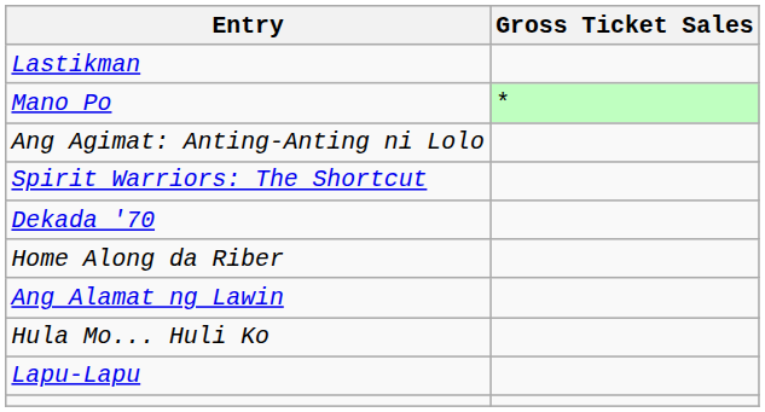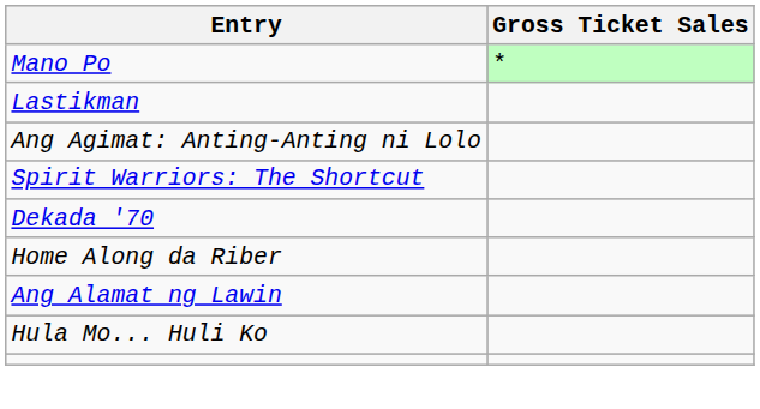 <table class="wikitable" style="text align: center">
 <tr bgcolor="#efefef">
 <th>Entry</th>
 <th>Gross Ticket Sales</th>
 </tr>
 <tr>
+<td><em><a href='#'>Mano Po</a></em></td>
+<td style="background:#BFFFC0;">*</td>
+</tr>
+<tr>
 <td><em><a href='#'>Lastikman</a></em></td>
 <td></td>
-</tr>
-<tr>
-<td><em><a href='#'>Mano Po</a></em></td>
-<td style="background:#BFFFC0;">*</td>
 </tr>
 <tr>
 <td><em>Ang Agimat: Anting-Anting ni Lolo</em></td>
 <td></td>
 </tr>
 <tr>
 <td><em><a href='#'>Spirit Warriors: The Shortcut</a></em></td>
 <td></td>
 </tr>
 <tr>
 <td><em><a href='#'>Dekada '70</a></em></td>
 <td></td>
 </tr>
 <tr>
 <td><em>Home Along da Riber</em></td>
 <td></td>
 </tr>
 <tr>
 <td><em><a href='#'>Ang Alamat ng Lawin</a></em></td>
 <td></td>
 </tr>
 <tr>
 <td><em>Hula Mo... Huli Ko</em></td>
 <td></td>
 </tr>
 <tr>
-<td><em><a href='#'>Lapu-Lapu</a></em></td>
-<td></td>
-</tr>
-<tr>
 <td><strong></strong></td>
 <td></td>
 </tr>
 </table>
